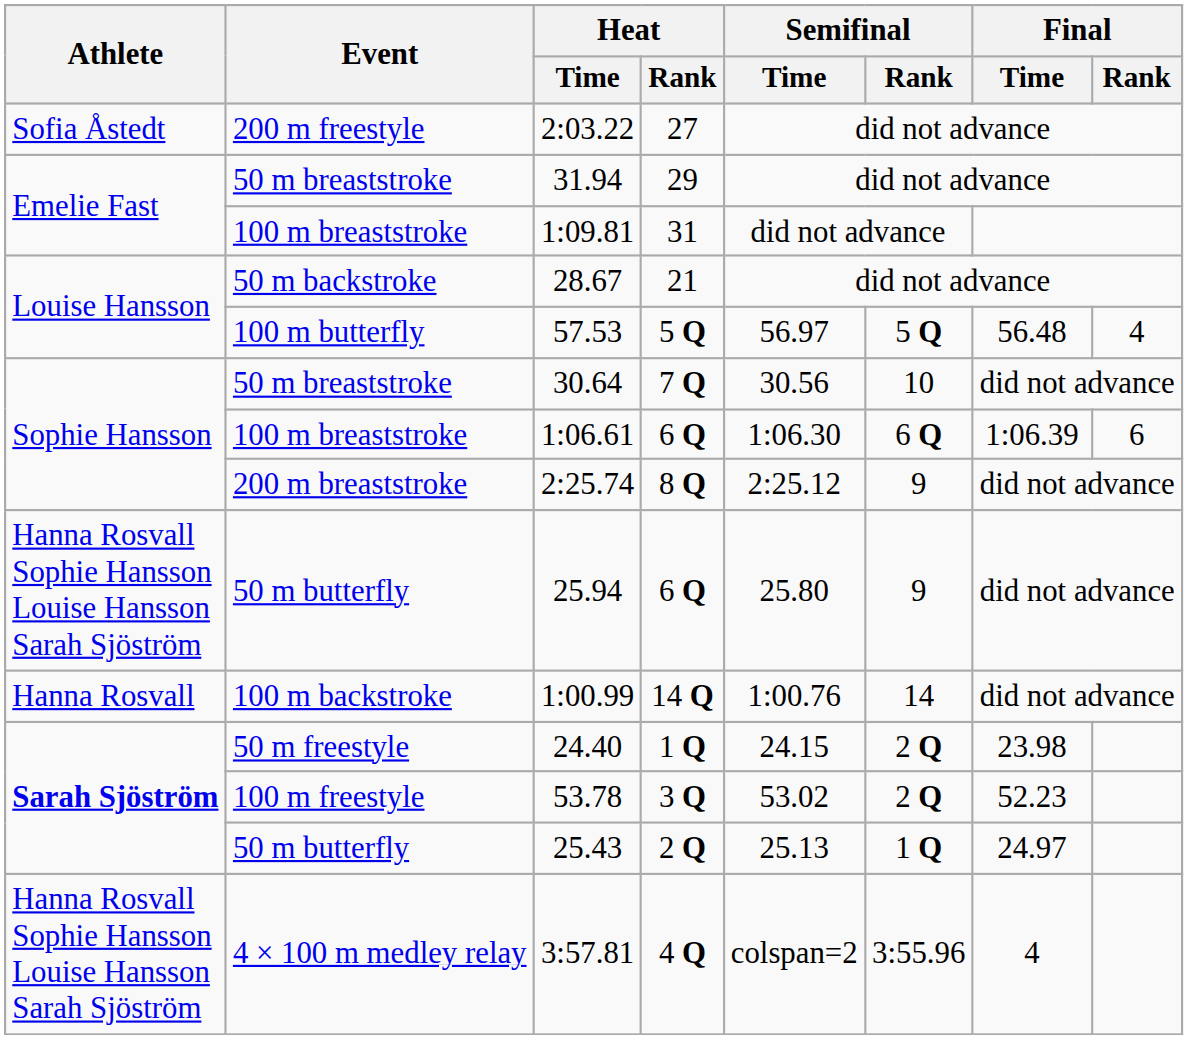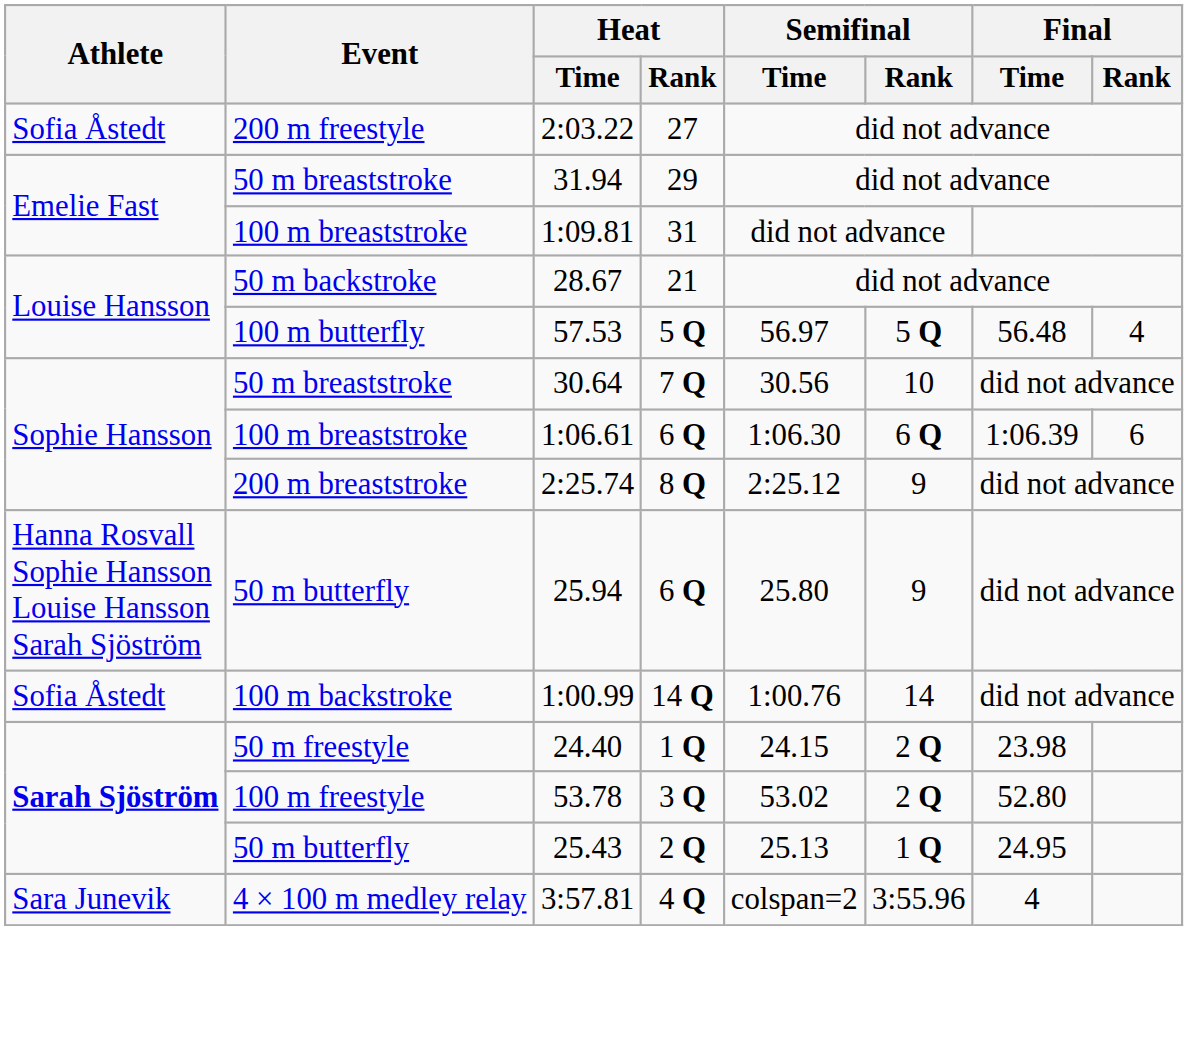 <table class=wikitable style="font-size:90%">
 <tr>
 <th rowspan="2">Athlete</th>
 <th rowspan="2">Event</th>
 <th colspan="2">Heat</th>
 <th colspan="2">Semifinal</th>
 <th colspan="2">Final</th>
 </tr>
 <tr style="font-size:95%">
 <th>Time</th>
 <th>Rank</th>
 <th>Time</th>
 <th>Rank</th>
 <th>Time</th>
 <th>Rank</th>
 </tr>
 <tr style="text-align:center">
 <td style="text-align:left"><a href='#'>Sofia Åstedt</a></td>
 <td style="text-align:left"><a href='#'>200 m freestyle</a></td>
 <td>2:03.22</td>
 <td>27</td>
 <td colspan=4>did not advance</td>
 </tr>
 <tr style="text-align:center">
 <td style="text-align:left" rowspan=2><a href='#'>Emelie Fast</a></td>
 <td style="text-align:left"><a href='#'>50 m breaststroke</a></td>
 <td>31.94</td>
 <td>29</td>
 <td colspan=4>did not advance</td>
 </tr>
 <tr style="text-align:center">
 <td style="text-align:left"><a href='#'>100 m breaststroke</a></td>
 <td>1:09.81</td>
 <td>31</td>
 <td colspan=2>did not advance</td>
 </tr>
 <tr style="text-align:center">
 <td style="text-align:left" rowspan=2><a href='#'>Louise Hansson</a></td>
 <td style="text-align:left"><a href='#'>50 m backstroke</a></td>
 <td>28.67</td>
 <td>21</td>
 <td colspan=4>did not advance</td>
 </tr>
 <tr style="text-align:center">
 <td style="text-align:left"><a href='#'>100 m butterfly</a></td>
 <td>57.53</td>
 <td>5 <strong>Q</strong></td>
 <td>56.97</td>
 <td>5 <strong>Q</strong></td>
 <td>56.48</td>
 <td>4</td>
 </tr>
 <tr style="text-align:center">
 <td style="text-align:left" rowspan=3><a href='#'>Sophie Hansson</a></td>
 <td style="text-align:left"><a href='#'>50 m breaststroke</a></td>
 <td>30.64</td>
 <td>7 <strong>Q</strong></td>
 <td>30.56</td>
 <td>10</td>
 <td colspan=2>did not advance</td>
 </tr>
 <tr style="text-align:center">
 <td style="text-align:left"><a href='#'>100 m breaststroke</a></td>
 <td>1:06.61</td>
 <td>6 <strong>Q</strong></td>
 <td>1:06.30</td>
 <td>6 <strong>Q</strong></td>
 <td>1:06.39</td>
 <td>6</td>
 </tr>
 <tr style="text-align:center">
 <td style="text-align:left"><a href='#'>200 m breaststroke</a></td>
 <td>2:25.74</td>
 <td>8 <strong>Q</strong></td>
 <td>2:25.12</td>
 <td>9</td>
 <td colspan=2>did not advance</td>
 </tr>
 <tr style="text-align:center">
 <td style="text-align:left"><a href='#'>Hanna Rosvall</a><br><a href='#'>Sophie Hansson</a><br><a href='#'>Louise Hansson</a><br><a href='#'>Sarah Sjöström</a></td>
 <td style="text-align:left"><a href='#'>50 m butterfly</a></td>
 <td>25.94</td>
 <td>6 <strong>Q</strong></td>
 <td>25.80</td>
 <td>9</td>
 <td colspan=2>did not advance</td>
 </tr>
 <tr style="text-align:center">
-<td style="text-align:left"><a href='#'>Hanna Rosvall</a></td>
+<td style="text-align:left"><a href='#'>Sofia Åstedt</a></td>
 <td style="text-align:left"><a href='#'>100 m backstroke</a></td>
 <td>1:00.99</td>
 <td>14 <strong>Q</strong></td>
 <td>1:00.76</td>
 <td>14</td>
 <td colspan=2>did not advance</td>
 </tr>
 <tr style="text-align:center">
 <td style="text-align:left" rowspan=3><strong><a href='#'>Sarah Sjöström</a></strong></td>
 <td style="text-align:left"><a href='#'>50 m freestyle</a></td>
 <td>24.40</td>
 <td>1 <strong>Q</strong></td>
 <td>24.15</td>
 <td>2 <strong>Q</strong></td>
 <td>23.98</td>
 <td></td>
 </tr>
 <tr style="text-align:center">
 <td style="text-align:left"><a href='#'>100 m freestyle</a></td>
 <td>53.78</td>
 <td>3 <strong>Q</strong></td>
 <td>53.02</td>
 <td>2 <strong>Q</strong></td>
-<td>52.23</td>
+<td>52.80</td>
 <td></td>
 </tr>
 <tr style="text-align:center">
 <td style="text-align:left"><a href='#'>50 m butterfly</a></td>
 <td>25.43</td>
 <td>2 <strong>Q</strong></td>
 <td>25.13</td>
 <td>1 <strong>Q</strong></td>
-<td>24.97</td>
+<td>24.95</td>
 <td></td>
 </tr>
 <tr style="text-align:center">
-<td style="text-align:left"><a href='#'>Hanna Rosvall</a><br><a href='#'>Sophie Hansson</a><br><a href='#'>Louise Hansson</a><br><a href='#'>Sarah Sjöström</a></td>
+<td style="text-align:left"><a href='#'>Sara Junevik</a></td>
 <td style="text-align:left"><a href='#'>4 × 100 m medley relay</a></td>
 <td>3:57.81</td>
 <td>4 <strong>Q</strong></td>
 <td>colspan=2 </td>
 <td>3:55.96</td>
 <td>4</td>
 </tr>
 </table>
